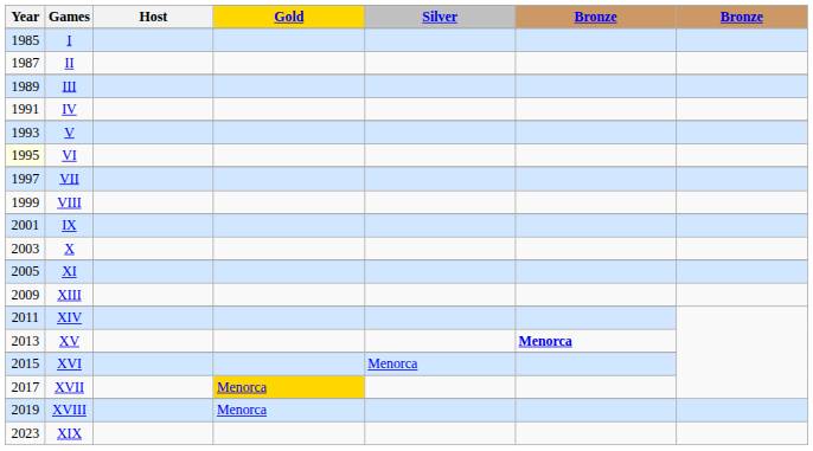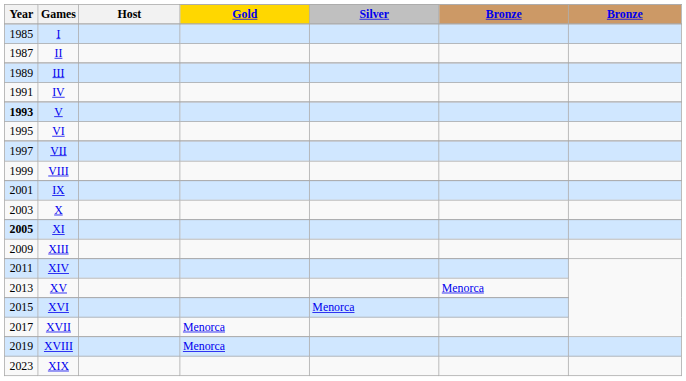 <table class="wikitable" style="text-align: center; font-size:95%;">
 <tr>
 <th rowspan="2" style="width:5%;">Year</th>
 <th rowspan="2" style="width:5%;">Games</th>
 <th rowspan="2" style="width:15%;">Host</th>
 </tr>
 <tr>
 <th style="background-color: gold"><a href='#'>Gold</a></th>
 <th style="background-color: silver"><a href='#'>Silver</a></th>
 <th style="background-color: #CC9966"><a href='#'>Bronze</a></th>
 <th style="background-color: #CC9966"><a href='#'>Bronze</a></th>
 </tr>
 <tr>
 </tr>
 <tr style="text-align:center; background:#d0e7ff;">
 <td>1985</td>
 <td align=center><a href='#'>I</a></td>
 <td align="left"></td>
 <td align="left"></td>
 <td align="left"></td>
 <td align="left"></td>
 <td align="left"></td>
 </tr>
 <tr>
 <td>1987</td>
 <td align=center><a href='#'>II</a></td>
 <td align="left"></td>
 <td align="left"></td>
 <td align="left"></td>
 <td align="left"></td>
 <td align="left"></td>
 </tr>
 <tr>
 </tr>
 <tr style="text-align:center; background:#d0e7ff;">
 <td>1989</td>
 <td align=center><a href='#'>III</a></td>
 <td align="left"></td>
 <td align="left"></td>
 <td align="left"></td>
 <td align="left"></td>
 <td align="left"></td>
 </tr>
 <tr>
 <td>1991</td>
 <td align=center><a href='#'>IV</a></td>
 <td align="left"></td>
 <td align="left"></td>
 <td align="left"></td>
 <td align="left"></td>
 <td align="left"></td>
 </tr>
 <tr>
 </tr>
 <tr style="text-align:center; background:#d0e7ff;">
-<td>1993</td>
+<td><strong>1993</strong></td>
 <td align=center><a href='#'>V</a></td>
 <td align="left"></td>
 <td align="left"></td>
 <td align="left"></td>
 <td align="left"></td>
 <td align="left"></td>
 </tr>
 <tr>
-<td style="background: lightyellow;">1995</td>
+<td>1995</td>
 <td align=center><a href='#'>VI</a></td>
 <td align="left"></td>
 <td align="left"></td>
 <td align="left"></td>
 <td align="left"></td>
 <td align="left"></td>
 </tr>
 <tr>
 </tr>
 <tr style="text-align:center; background:#d0e7ff;">
 <td>1997</td>
 <td align=center><a href='#'>VII</a></td>
 <td align="left"></td>
 <td align="left"></td>
 <td align="left"></td>
 <td align="left"></td>
 <td align="left"></td>
 </tr>
 <tr>
 <td>1999</td>
 <td align=center><a href='#'>VIII</a></td>
 <td align="left"></td>
 <td align="left"></td>
 <td align="left"></td>
 <td align="left"></td>
 <td align="left"></td>
 </tr>
 <tr>
 </tr>
 <tr style="text-align:center; background:#d0e7ff;">
 <td>2001</td>
 <td align=center><a href='#'>IX</a></td>
 <td align="left"></td>
 <td align="left"></td>
 <td align="left"></td>
 <td align="left"></td>
 <td align="left"></td>
 </tr>
 <tr>
 <td>2003</td>
 <td align=center><a href='#'>X</a></td>
 <td align="left"></td>
 <td align="left"></td>
 <td align="left"></td>
 <td align="left"></td>
 <td align="left"></td>
 </tr>
 <tr>
 </tr>
 <tr style="text-align:center; background:#d0e7ff;">
-<td>2005</td>
+<td><strong>2005</strong></td>
 <td align=center><a href='#'>XI</a></td>
 <td align="left"></td>
 <td align="left"></td>
 <td align="left"></td>
 <td align="left"></td>
 <td align="left"></td>
 </tr>
 <tr>
 <td>2009</td>
 <td align=center><a href='#'>XIII</a></td>
 <td align="left"></td>
 <td align="left"></td>
 <td align="left"></td>
 <td align="left"></td>
 <td align="left"></td>
 </tr>
 <tr>
 </tr>
 <tr style="text-align:center; background:#d0e7ff;">
 <td>2011</td>
 <td align=center><a href='#'>XIV</a></td>
 <td align="left"></td>
 <td align="left"></td>
 <td align="left"></td>
 <td align="left"></td>
 </tr>
 <tr>
 <td>2013</td>
 <td align=center><a href='#'>XV</a></td>
 <td align="left"></td>
 <td align="left"></td>
 <td align="left"></td>
-<td align="left"><strong> <a href='#'>Menorca</a></strong></td>
+<td align="left"> <a href='#'>Menorca</a></td>
 </tr>
 <tr>
 </tr>
 <tr style="text-align:center; background:#d0e7ff;">
 <td>2015</td>
 <td align=center><a href='#'>XVI</a></td>
 <td align="left"></td>
 <td align="left"></td>
 <td align="left"> <a href='#'>Menorca</a></td>
 <td align="left"></td>
 </tr>
 <tr>
 <td>2017</td>
 <td align=center><a href='#'>XVII</a></td>
 <td align="left"></td>
-<td align="left" style="background: gold;"> <a href='#'>Menorca</a></td>
+<td align="left"> <a href='#'>Menorca</a></td>
 <td align="left"></td>
 <td align="left"></td>
 </tr>
 <tr>
 </tr>
 <tr style="text-align:center; background:#d0e7ff;">
 <td>2019</td>
 <td align=center><a href='#'>XVIII</a></td>
 <td align="left"></td>
 <td align="left"> <a href='#'>Menorca</a></td>
 <td align="left"></td>
 <td align="left"></td>
 <td align="left"></td>
 </tr>
 <tr>
 <td>2023</td>
 <td align=center><a href='#'>XIX</a></td>
 <td align="left"></td>
 <td align="left"></td>
 <td align="left"></td>
 <td align="left"></td>
 <td align="left"></td>
 </tr>
 </table>
